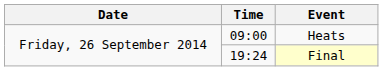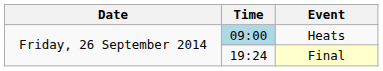 <table class = "wikitable" style="text-align:center;">
 <tr>
 <th width=220>Date</th>
 <th width=50>Time</th>
 <th width=100>Event</th>
 </tr>
 <tr>
 <td rowspan=2>Friday, 26 September 2014</td>
-<td>09:00</td>
+<td style="background: lightblue;">09:00</td>
 <td>Heats</td>
 </tr>
 <tr>
 <td>19:24</td>
 <td bgcolor=ffffcc>Final</td>
 </tr>
 </table>
